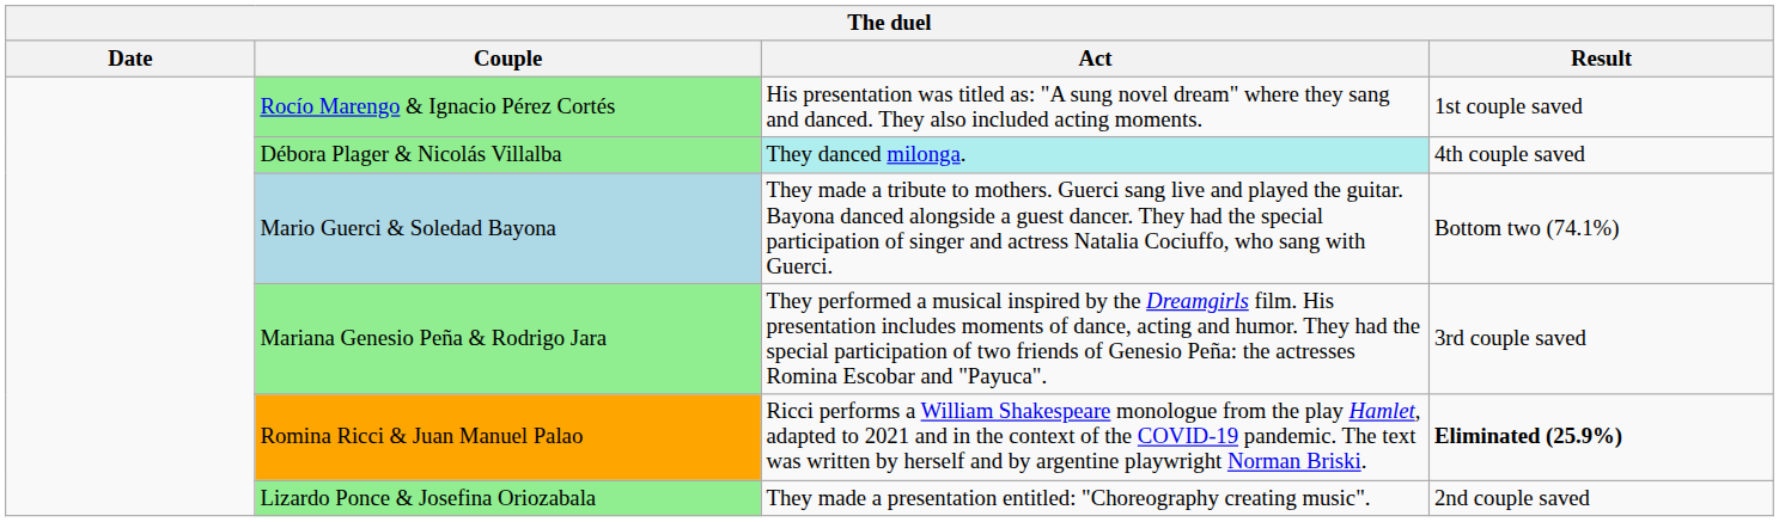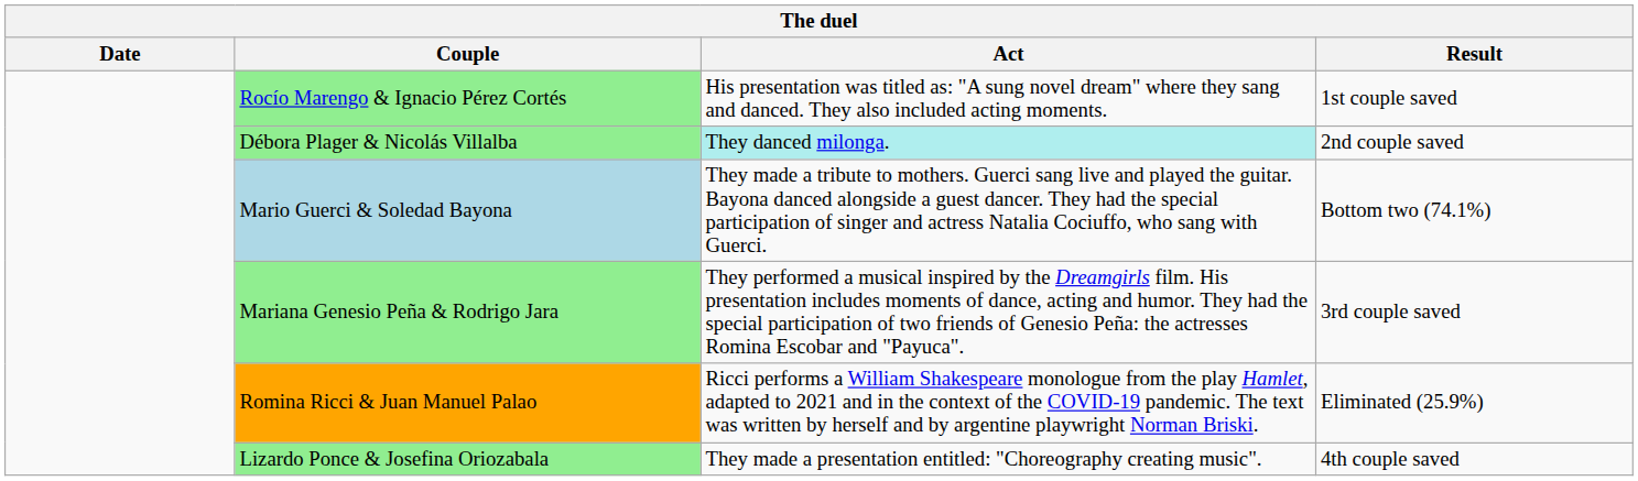 <table class="wikitable collapsible collapsed" style="text-align: align; width: 100%;">
 <tr>
 <th colspan="11" style="with: 100%;" align="center">The duel</th>
 </tr>
 <tr>
 <th width=85>Date</th>
 <th width=180>Couple</th>
 <th width=240>Act</th>
 <th width=120>Result</th>
 </tr>
 <tr>
 <td rowspan="6"></td>
 <td bgcolor="lightgreen"><a href='#'>Rocío Marengo</a> & Ignacio Pérez Cortés</td>
 <td>His presentation was titled as: "A sung novel dream" where they sang and danced. They also included acting moments.<br></td>
 <td>1st couple saved</td>
 </tr>
 <tr>
 <td bgcolor="lightgreen">Débora Plager & Nicolás Villalba</td>
 <td style="background: paleturquoise;">They danced <a href='#'>milonga</a>.<br></td>
-<td>4th couple saved</td>
+<td>2nd couple saved</td>
 </tr>
 <tr>
 <td bgcolor="lightblue">Mario Guerci & Soledad Bayona</td>
 <td>They made a tribute to mothers. Guerci sang live and played the guitar. Bayona danced alongside a guest dancer. They had the special participation of singer and actress Natalia Cociuffo, who sang with Guerci.<br></td>
 <td>Bottom two (74.1%)</td>
 </tr>
 <tr>
 <td bgcolor="lightgreen">Mariana Genesio Peña & Rodrigo Jara</td>
 <td>They performed a musical inspired by the <em><a href='#'>Dreamgirls</a></em> film. His presentation includes moments of dance, acting and humor. They had the special participation of two friends of Genesio Peña: the actresses Romina Escobar and "Payuca".<br></td>
 <td>3rd couple saved</td>
 </tr>
 <tr>
 <td bgcolor="orange">Romina Ricci & Juan Manuel Palao</td>
 <td>Ricci performs a <a href='#'>William Shakespeare</a> monologue from the play <em><a href='#'>Hamlet</a></em>, adapted to 2021 and in the context of the <a href='#'>COVID-19</a> pandemic. The text was written by herself and by argentine playwright <a href='#'>Norman Briski</a>.</td>
-<td><strong>Eliminated (25.9%)</strong></td>
+<td>Eliminated (25.9%)</td>
 </tr>
 <tr>
 <td bgcolor="lightgreen">Lizardo Ponce & Josefina Oriozabala</td>
 <td>They made a presentation entitled: "Choreography creating music".<br></td>
-<td>2nd couple saved</td>
+<td>4th couple saved</td>
 </tr>
 </table>
